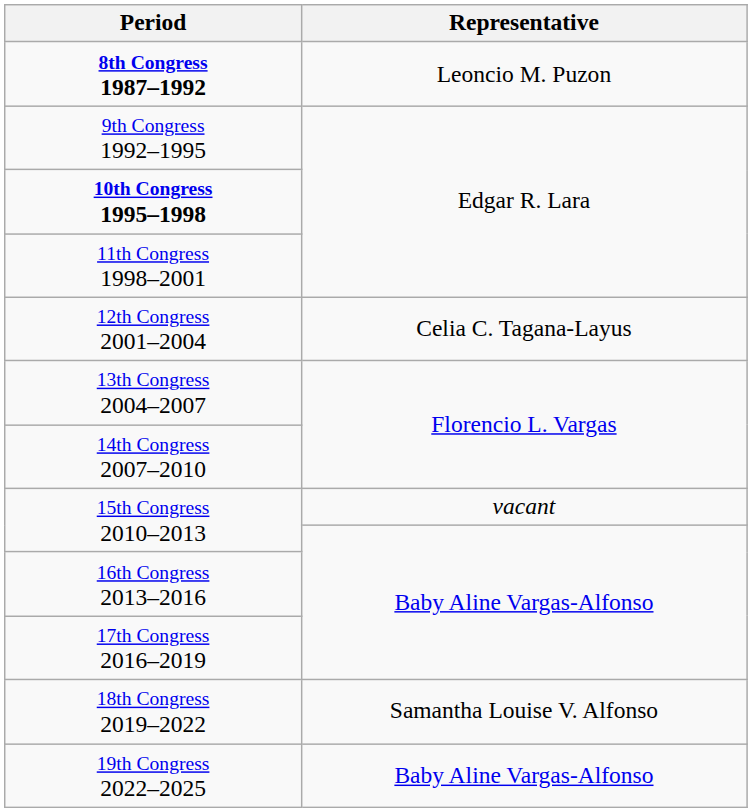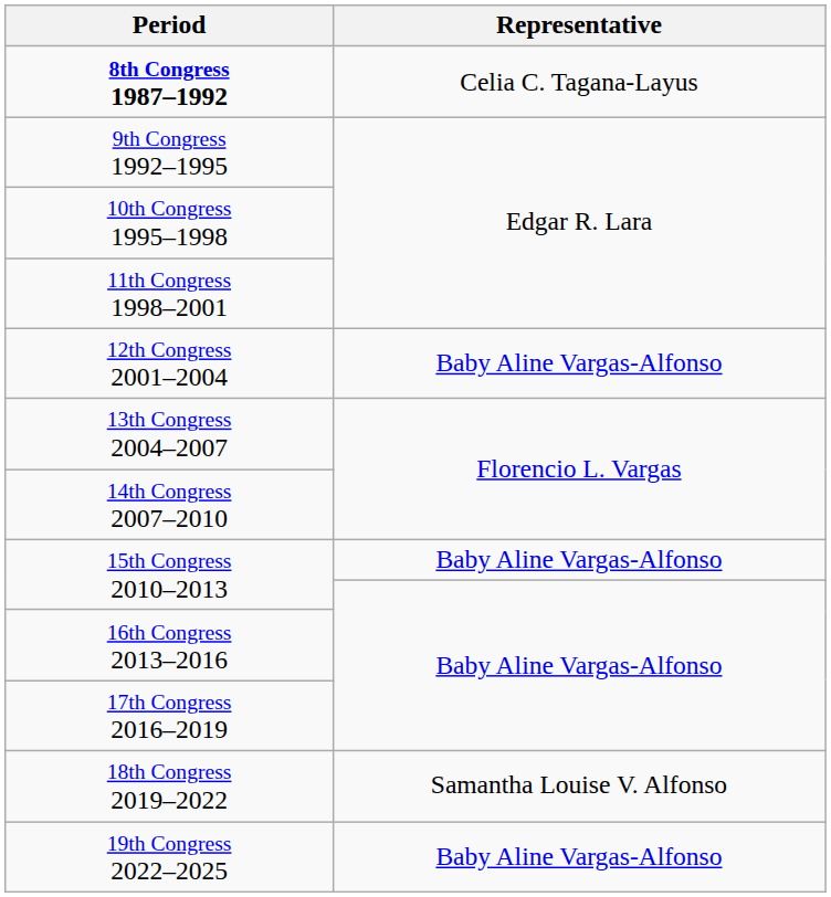 <table class="wikitable" style="text-align:center; width:40%;">
 <tr>
 <th width="40%">Period</th>
 <th>Representative</th>
 </tr>
 <tr>
 <td><strong><small><a href='#'>8th Congress</a></small><br>1987–1992</strong></td>
-<td>Leoncio M. Puzon</td>
+<td>Celia C. Tagana-Layus</td>
 </tr>
 <tr>
 <td><small><a href='#'>9th Congress</a></small><br>1992–1995</td>
 <td rowspan="3">Edgar R. Lara</td>
 </tr>
 <tr>
-<td><strong><small><a href='#'>10th Congress</a></small><br>1995–1998</strong></td>
+<td><small><a href='#'>10th Congress</a></small><br>1995–1998</td>
 </tr>
 <tr>
 <td><small><a href='#'>11th Congress</a></small><br>1998–2001</td>
 </tr>
 <tr>
 <td><small><a href='#'>12th Congress</a></small><br>2001–2004</td>
-<td>Celia C. Tagana-Layus</td>
+<td><a href='#'>Baby Aline Vargas-Alfonso</a></td>
 </tr>
 <tr>
 <td><small><a href='#'>13th Congress</a></small><br>2004–2007</td>
 <td rowspan="2"><a href='#'>Florencio L. Vargas</a></td>
 </tr>
 <tr>
 <td><small><a href='#'>14th Congress</a></small><br>2007–2010</td>
 </tr>
 <tr>
 <td rowspan="2"><small><a href='#'>15th Congress</a></small><br>2010–2013</td>
-<td><em>vacant</em></td>
+<td><a href='#'>Baby Aline Vargas-Alfonso</a></td>
 </tr>
 <tr>
 <td rowspan="3"><a href='#'>Baby Aline Vargas-Alfonso</a></td>
 </tr>
 <tr>
 <td><small><a href='#'>16th Congress</a></small><br>2013–2016</td>
 </tr>
 <tr>
 <td><small><a href='#'>17th Congress</a></small><br>2016–2019</td>
 </tr>
 <tr>
 <td><small><a href='#'>18th Congress</a></small><br>2019–2022</td>
 <td>Samantha Louise V. Alfonso</td>
 </tr>
 <tr>
 <td><small><a href='#'>19th Congress</a></small><br>2022–2025</td>
 <td><a href='#'>Baby Aline Vargas-Alfonso</a></td>
 </tr>
 </table>
